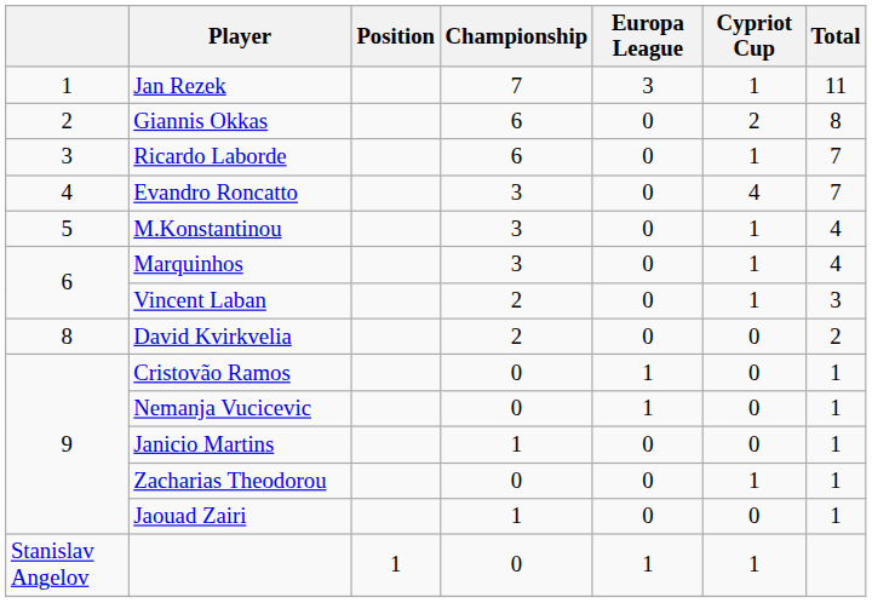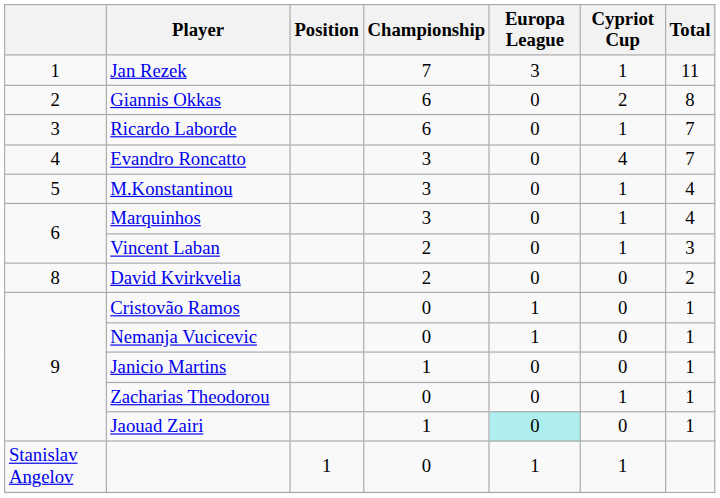 <table class="wikitable">
 <tr>
 <th></th>
 <th style="width:150px;">Player</th>
 <th>Position</th>
 <th>Championship</th>
 <th>Europa League</th>
 <th>Cypriot Cup</th>
 <th>Total</th>
 </tr>
 <tr>
 <td align=center>1</td>
 <td> <a href='#'>Jan Rezek</a></td>
 <td align=center></td>
 <td align=center>7</td>
 <td align=center>3</td>
 <td align=center>1</td>
 <td align=center>11</td>
 </tr>
 <tr>
 <td align=center>2</td>
 <td> <a href='#'>Giannis Okkas</a></td>
 <td align=center></td>
 <td align=center>6</td>
 <td align=center>0</td>
 <td align=center>2</td>
 <td align=center>8</td>
 </tr>
 <tr>
 <td align=center>3</td>
 <td> <a href='#'>Ricardo Laborde</a></td>
 <td align=center></td>
 <td align=center>6</td>
 <td align=center>0</td>
 <td align=center>1</td>
 <td align=center>7</td>
 </tr>
 <tr>
 <td align=center>4</td>
 <td> <a href='#'>Evandro Roncatto</a></td>
 <td align=center></td>
 <td align=center>3</td>
 <td align=center>0</td>
 <td align=center>4</td>
 <td align=center>7</td>
 </tr>
 <tr>
 <td align=center>5</td>
 <td> <a href='#'>M.Konstantinou</a></td>
 <td align=center></td>
 <td align=center>3</td>
 <td align=center>0</td>
 <td align=center>1</td>
 <td align=center>4</td>
 </tr>
 <tr>
 <td style="text-align:center;" rowspan="2">6</td>
 <td> <a href='#'>Marquinhos</a></td>
 <td align=center></td>
 <td align=center>3</td>
 <td align=center>0</td>
 <td align=center>1</td>
 <td align=center>4</td>
 </tr>
 <tr>
 <td> <a href='#'>Vincent Laban</a></td>
 <td align=center></td>
 <td align=center>2</td>
 <td align=center>0</td>
 <td align=center>1</td>
 <td align=center>3</td>
 </tr>
 <tr>
 <td align=center>8</td>
 <td> <a href='#'>David Kvirkvelia</a></td>
 <td align=center></td>
 <td align=center>2</td>
 <td align=center>0</td>
 <td align=center>0</td>
 <td align=center>2</td>
 </tr>
 <tr>
 <td style="text-align:center;" rowspan="5">9</td>
 <td> <a href='#'>Cristovão Ramos</a></td>
 <td align=center></td>
 <td align=center>0</td>
 <td align=center>1</td>
 <td align=center>0</td>
 <td align=center>1</td>
 </tr>
 <tr>
 <td> <a href='#'>Nemanja Vucicevic</a></td>
 <td align=center></td>
 <td align=center>0</td>
 <td align=center>1</td>
 <td align=center>0</td>
 <td align=center>1</td>
 </tr>
 <tr>
 <td> <a href='#'>Janicio Martins</a></td>
 <td align=center></td>
 <td align=center>1</td>
 <td align=center>0</td>
 <td align=center>0</td>
 <td align=center>1</td>
 </tr>
 <tr>
 <td> <a href='#'>Zacharias Theodorou</a></td>
 <td align=center></td>
 <td align=center>0</td>
 <td align=center>0</td>
 <td align=center>1</td>
 <td align=center>1</td>
 </tr>
 <tr>
 <td> <a href='#'>Jaouad Zairi</a></td>
 <td align=center></td>
 <td align=center>1</td>
-<td align=center>0</td>
+<td align=center style="background: paleturquoise;">0</td>
 <td align=center>0</td>
 <td align=center>1</td>
 </tr>
 <tr>
 <td> <a href='#'>Stanislav Angelov</a></td>
 <td align=center></td>
 <td align=center>1</td>
 <td align=center>0</td>
 <td align=center>1</td>
 <td align=center>1</td>
 </tr>
 <tr>
 </tr>
 </table>
